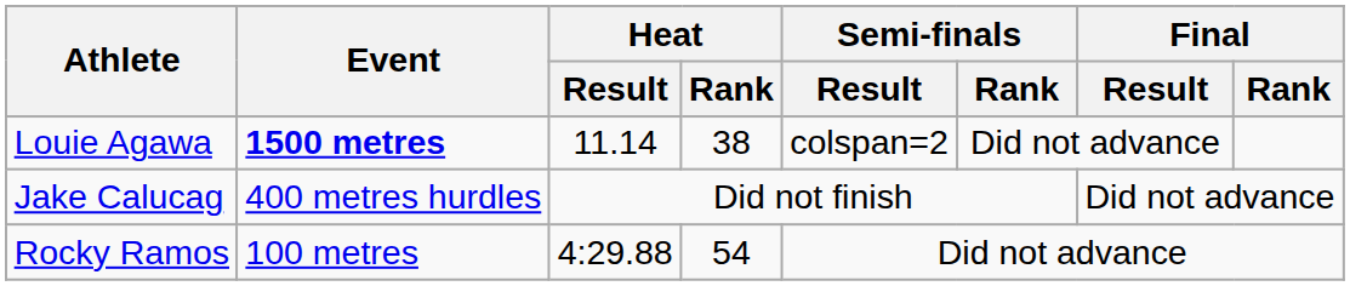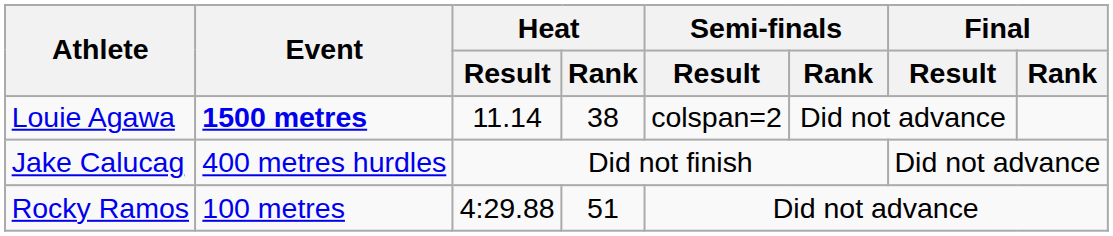 <table class="wikitable" style="font-size:90%; text-align:center">
 <tr>
 <th rowspan="2">Athlete</th>
 <th rowspan="2">Event</th>
 <th colspan="2">Heat</th>
 <th colspan="2">Semi-finals</th>
 <th colspan="2">Final</th>
 </tr>
 <tr>
 <th>Result</th>
 <th>Rank</th>
 <th>Result</th>
 <th>Rank</th>
 <th>Result</th>
 <th>Rank</th>
 </tr>
 <tr>
 <td align="left"><a href='#'>Louie Agawa</a></td>
 <td align="left"><strong><a href='#'>1500 metres</a></strong></td>
 <td>11.14</td>
 <td>38</td>
 <td>colspan=2 </td>
 <td colspan=2>Did not advance</td>
 </tr>
 <tr>
 <td align="left"><a href='#'>Jake Calucag</a></td>
 <td align="left"><a href='#'>400 metres hurdles</a></td>
 <td colspan=4>Did not finish</td>
 <td colspan=4>Did not advance</td>
 </tr>
 <tr>
 <td align="left"><a href='#'>Rocky Ramos</a></td>
 <td align="left"><a href='#'>100 metres</a></td>
 <td>4:29.88</td>
-<td>54</td>
+<td>51</td>
 <td colspan=4>Did not advance</td>
 </tr>
 </table>
